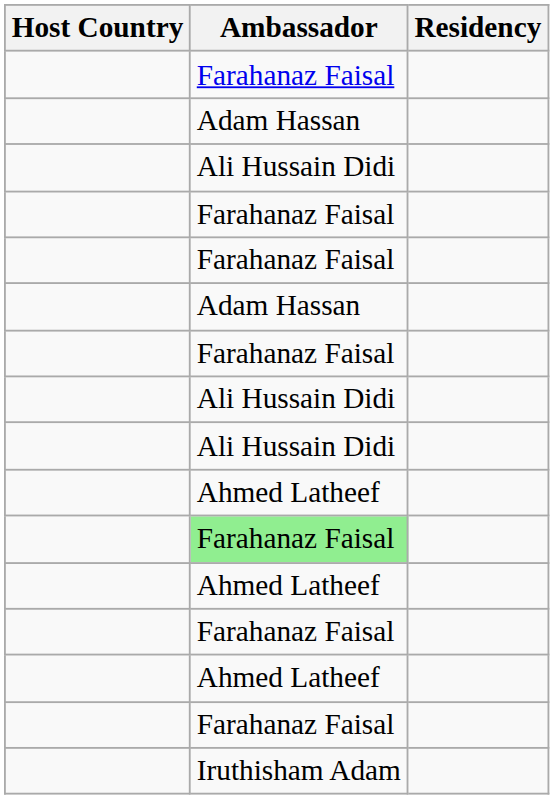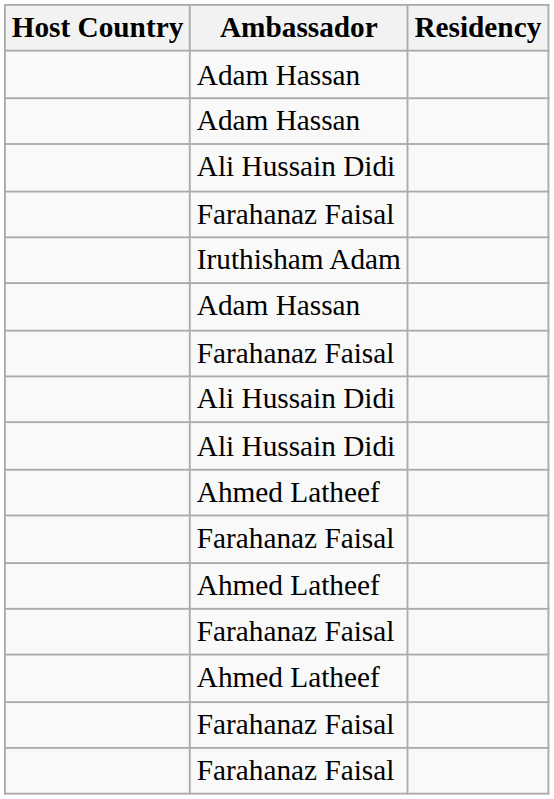 <table class="wikitable sortable">
 <tr>
 <th>Host Country</th>
 <th>Ambassador</th>
 <th>Residency</th>
 </tr>
 <tr>
 <td></td>
-<td><a href='#'>Farahanaz Faisal</a></td>
+<td>Adam Hassan</td>
 <td></td>
 </tr>
 <tr>
 <td></td>
 <td>Adam Hassan</td>
 <td></td>
 </tr>
 <tr>
 <td></td>
 <td>Ali Hussain Didi</td>
 <td></td>
 </tr>
 <tr>
 <td></td>
 <td>Farahanaz Faisal</td>
 <td></td>
 </tr>
 <tr>
 <td></td>
-<td>Farahanaz Faisal</td>
+<td>Iruthisham Adam</td>
 <td></td>
 </tr>
 <tr>
 <td></td>
 <td>Adam Hassan</td>
 <td></td>
 </tr>
 <tr>
 <td></td>
 <td>Farahanaz Faisal</td>
 <td></td>
 </tr>
 <tr>
 <td></td>
 <td>Ali Hussain Didi</td>
 <td></td>
 </tr>
 <tr>
 <td></td>
 <td>Ali Hussain Didi</td>
 <td></td>
 </tr>
 <tr>
 <td></td>
 <td>Ahmed Latheef</td>
 <td></td>
 </tr>
 <tr>
 <td></td>
-<td style="background: lightgreen;">Farahanaz Faisal</td>
+<td>Farahanaz Faisal</td>
 <td></td>
 </tr>
 <tr>
 <td></td>
 <td>Ahmed Latheef</td>
 <td></td>
 </tr>
 <tr>
 <td></td>
 <td>Farahanaz Faisal</td>
 <td></td>
 </tr>
 <tr>
 <td></td>
 <td>Ahmed Latheef</td>
 <td></td>
 </tr>
 <tr>
 <td></td>
 <td>Farahanaz Faisal</td>
 <td></td>
 </tr>
 <tr>
 <td></td>
-<td>Iruthisham Adam</td>
+<td>Farahanaz Faisal</td>
 <td></td>
 </tr>
 </table>
